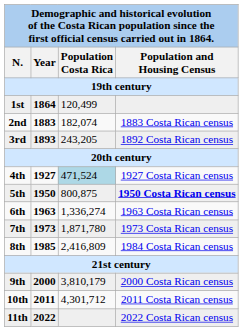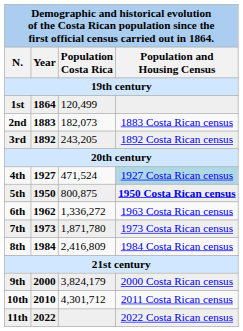 <table class="wikitable">
 <tr>
 <th colspan= "4" style="text-align:center; background:#abcdef;">Demographic and historical evolution <br>of the Costa Rican population since the <br> first official census carried out in 1864.</th>
 </tr>
 <tr>
 <th>N.</th>
 <th>Year</th>
 <th>Population<br>Costa Rica</th>
 <th>Population and <br> Housing Census</th>
 </tr>
 <tr align="center">
 <td colspan="4" style="background:#D0E7FF"><strong>19th century</strong></td>
 </tr>
 <tr align="center" style="background:#efefef; color:black">
 <td><strong>1st</strong></td>
 <td><strong>1864</strong></td>
 <td align="left"> 120,499</td>
 <td></td>
 </tr>
 <tr align="center">
 <td><strong>2nd</strong></td>
 <td><strong>1883</strong></td>
-<td align="left"> 182,074</td>
+<td align="left"> 182,073</td>
 <td><a href='#'>1883 Costa Rican census</a></td>
 </tr>
 <tr align="center" style="background:#efefef; color:black">
 <td><strong>3rd</strong></td>
-<td><strong>1893</strong></td>
+<td><strong>1892</strong></td>
 <td align="left"> 243,205</td>
 <td><a href='#'>1892 Costa Rican census</a></td>
 </tr>
 <tr align="center">
 <td colspan="4" style="background:#D0E7FF"><strong>20th century</strong></td>
 </tr>
 <tr align="center">
 <td><strong>4th</strong></td>
 <td><strong>1927</strong></td>
-<td align="left" style="background: lightblue;"> 471,524</td>
-<td><a href='#'>1927 Costa Rican census</a></td>
+<td align="left"> 471,524</td>
+<td style="background: lightblue;"><a href='#'>1927 Costa Rican census</a></td>
 </tr>
 <tr align="center" style="background:#efefef; color:black">
 <td><strong>5th</strong></td>
 <td><strong>1950</strong></td>
 <td align="left"> 800,875</td>
 <td><strong><a href='#'>1950 Costa Rican census</a></strong></td>
 </tr>
 <tr align="center">
 <td><strong>6th</strong></td>
-<td><strong>1963</strong></td>
-<td align="left"> 1,336,274</td>
+<td><strong>1962</strong></td>
+<td align="left"> 1,336,272</td>
 <td><a href='#'>1963 Costa Rican census</a></td>
 </tr>
 <tr align="center" style="background:#efefef; color:black">
 <td><strong>7th</strong></td>
 <td><strong>1973</strong></td>
 <td align="left"> 1,871,780</td>
 <td><a href='#'>1973 Costa Rican census</a></td>
 </tr>
 <tr align="center">
 <td><strong>8th</strong></td>
-<td><strong>1985</strong></td>
+<td><strong>1984</strong></td>
 <td align="left"> 2,416,809</td>
 <td><a href='#'>1984 Costa Rican census</a></td>
 </tr>
 <tr align="center">
 <td colspan="4" style="background:#D0E7FF"><strong>21st century</strong></td>
 </tr>
 <tr align="center" style="background:#efefef; color:black">
 <td><strong>9th</strong></td>
 <td><strong>2000</strong></td>
-<td align="left"> 3,810,179</td>
+<td align="left"> 3,824,179</td>
 <td><a href='#'>2000 Costa Rican census</a></td>
 </tr>
 <tr align="center">
 <td><strong>10th</strong></td>
-<td><strong>2011</strong></td>
+<td><strong>2010</strong></td>
 <td align="left"> 4,301,712</td>
 <td><a href='#'>2011 Costa Rican census</a></td>
 </tr>
 <tr align="center" style="background:#efefef; color:black">
 <td><strong>11th</strong></td>
 <td><strong>2022</strong></td>
 <td align="left"></td>
 <td><a href='#'>2022 Costa Rican census</a></td>
 </tr>
 </table>
